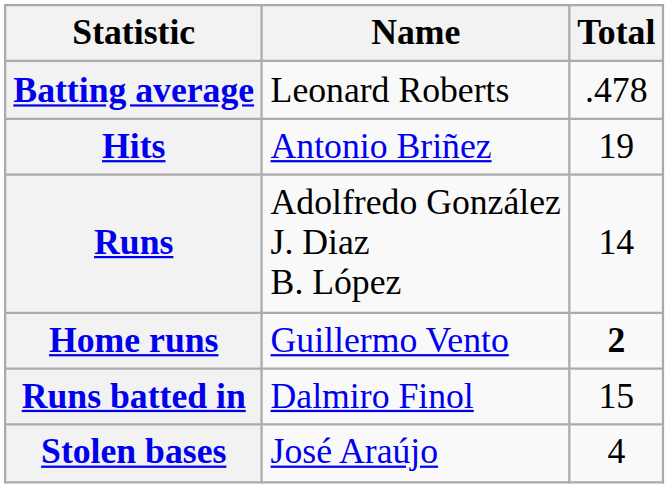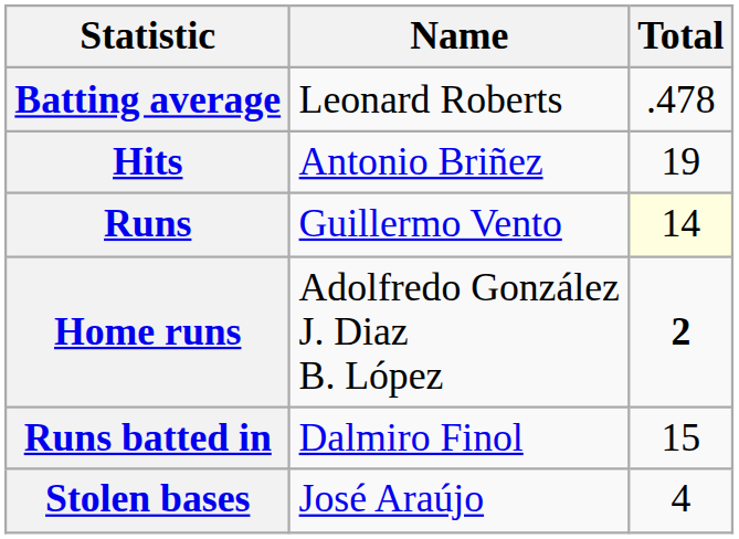 <table class="wikitable plainrowheaders">
 <tr>
 <th scope="col">Statistic</th>
 <th scope="col">Name</th>
 <th scope="col">Total</th>
 </tr>
 <tr>
 <th scope="row"><a href='#'>Batting average</a></th>
 <td> Leonard Roberts</td>
 <td align=center>.478</td>
 </tr>
 <tr>
 <th scope="row"><a href='#'>Hits</a></th>
 <td> <a href='#'>Antonio Briñez</a></td>
 <td align=center>19</td>
 </tr>
 <tr>
 <th scope="row"><a href='#'>Runs</a></th>
-<td> Adolfredo González<br> J. Diaz<br> B. López</td>
-<td align=center>14</td>
+<td> <a href='#'>Guillermo Vento</a></td>
+<td align=center style="background: lightyellow;">14</td>
 </tr>
 <tr>
 <th scope="row"><a href='#'>Home runs</a></th>
-<td> <a href='#'>Guillermo Vento</a></td>
+<td> Adolfredo González<br> J. Diaz<br> B. López</td>
 <td align=center><strong>2</strong></td>
 </tr>
 <tr>
 <th scope="row"><a href='#'>Runs batted in</a></th>
 <td> <a href='#'>Dalmiro Finol</a></td>
 <td align=center>15</td>
 </tr>
 <tr>
 <th scope="row"><a href='#'>Stolen bases</a></th>
 <td> <a href='#'>José Araújo</a></td>
 <td align=center>4</td>
 </tr>
 </table>
